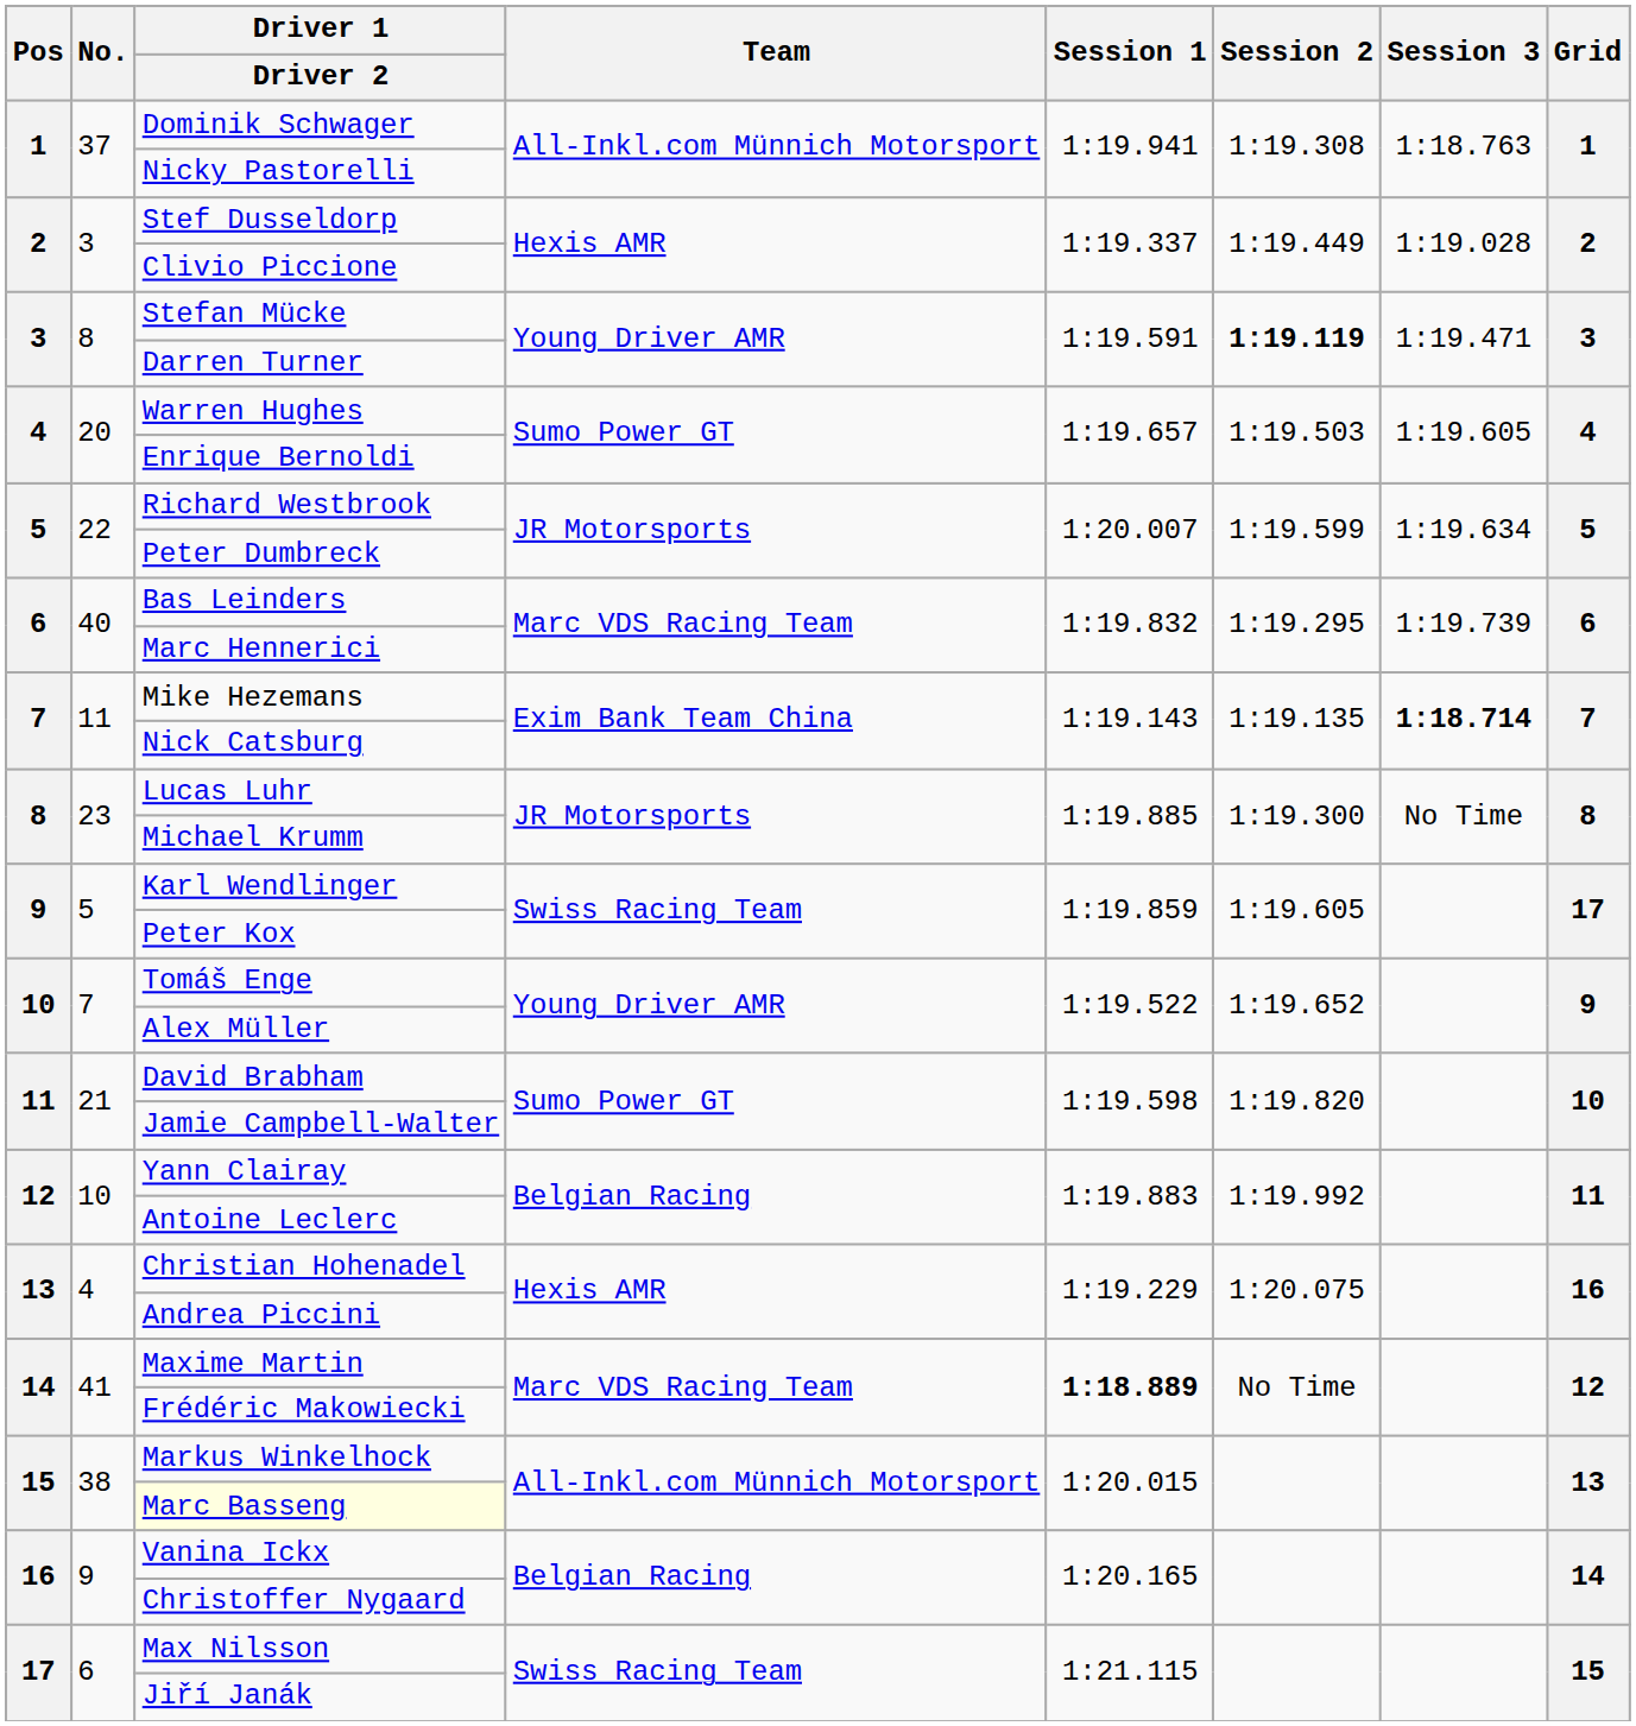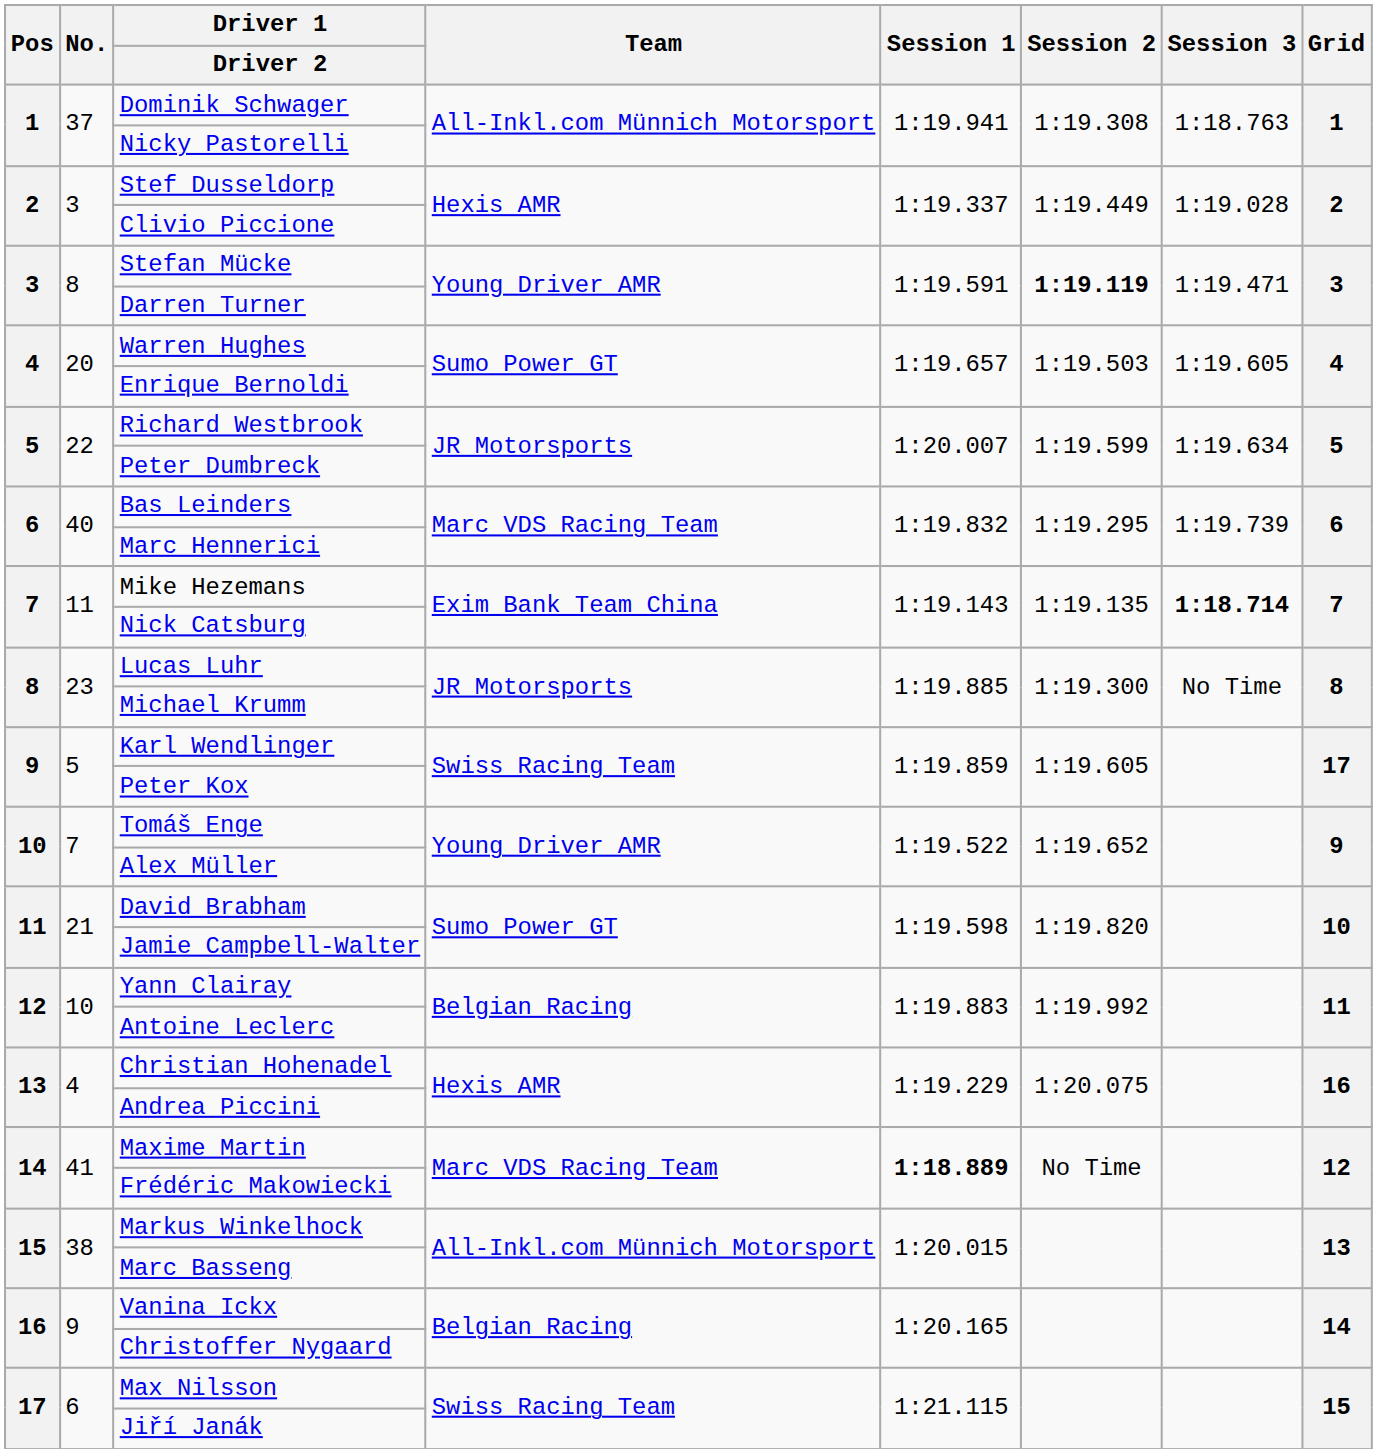 <table class="wikitable" style="font-size: 90%;">
 <tr>
 <th rowspan=2>Pos</th>
 <th rowspan=2>No.</th>
 <th>Driver 1</th>
 <th rowspan=2>Team</th>
 <th rowspan=2>Session 1</th>
 <th rowspan=2>Session 2</th>
 <th rowspan=2>Session 3</th>
 <th rowspan=2>Grid</th>
 </tr>
 <tr>
 <th>Driver 2</th>
 </tr>
 <tr>
 <th rowspan=2>1</th>
 <td rowspan=2>37</td>
 <td> <a href='#'>Dominik Schwager</a></td>
 <td rowspan=2> <a href='#'>All-Inkl.com Münnich Motorsport</a></td>
 <td rowspan=2 align="center">1:19.941</td>
 <td rowspan=2 align="center">1:19.308</td>
 <td rowspan=2 align="center">1:18.763</td>
 <th rowspan=2>1</th>
 </tr>
 <tr>
 <td> <a href='#'>Nicky Pastorelli</a></td>
 </tr>
 <tr>
 <th rowspan=2>2</th>
 <td rowspan=2>3</td>
 <td> <a href='#'>Stef Dusseldorp</a></td>
 <td rowspan=2> <a href='#'>Hexis AMR</a></td>
 <td rowspan=2 align="center">1:19.337</td>
 <td rowspan=2 align="center">1:19.449</td>
 <td rowspan=2 align="center">1:19.028</td>
 <th rowspan=2>2</th>
 </tr>
 <tr>
 <td> <a href='#'>Clivio Piccione</a></td>
 </tr>
 <tr>
 <th rowspan=2>3</th>
 <td rowspan=2>8</td>
 <td> <a href='#'>Stefan Mücke</a></td>
 <td rowspan=2> <a href='#'>Young Driver AMR</a></td>
 <td rowspan=2 align="center">1:19.591</td>
 <td rowspan=2 align="center"><strong>1:19.119</strong></td>
 <td rowspan=2 align="center">1:19.471</td>
 <th rowspan=2>3</th>
 </tr>
 <tr>
 <td> <a href='#'>Darren Turner</a></td>
 </tr>
 <tr>
 <th rowspan=2>4</th>
 <td rowspan=2>20</td>
 <td> <a href='#'>Warren Hughes</a></td>
 <td rowspan=2> <a href='#'>Sumo Power GT</a></td>
 <td rowspan=2 align="center">1:19.657</td>
 <td rowspan=2 align="center">1:19.503</td>
 <td rowspan=2 align="center">1:19.605</td>
 <th rowspan=2>4</th>
 </tr>
 <tr>
 <td> <a href='#'>Enrique Bernoldi</a></td>
 </tr>
 <tr>
 <th rowspan=2>5</th>
 <td rowspan=2>22</td>
 <td> <a href='#'>Richard Westbrook</a></td>
 <td rowspan=2> <a href='#'>JR Motorsports</a></td>
 <td rowspan=2 align="center">1:20.007</td>
 <td rowspan=2 align="center">1:19.599</td>
 <td rowspan=2 align="center">1:19.634</td>
 <th rowspan=2>5</th>
 </tr>
 <tr>
 <td> <a href='#'>Peter Dumbreck</a></td>
 </tr>
 <tr>
 <th rowspan=2>6</th>
 <td rowspan=2>40</td>
 <td> <a href='#'>Bas Leinders</a></td>
 <td rowspan=2> <a href='#'>Marc VDS Racing Team</a></td>
 <td rowspan=2 align="center">1:19.832</td>
 <td rowspan=2 align="center">1:19.295</td>
 <td rowspan=2 align="center">1:19.739</td>
 <th rowspan=2>6</th>
 </tr>
 <tr>
 <td> <a href='#'>Marc Hennerici</a></td>
 </tr>
 <tr>
 <th rowspan=2>7</th>
 <td rowspan=2>11</td>
 <td> Mike Hezemans</td>
 <td rowspan=2> <a href='#'>Exim Bank Team China</a></td>
 <td rowspan=2 align="center">1:19.143</td>
 <td rowspan=2 align="center">1:19.135</td>
 <td rowspan=2 align="center"><strong>1:18.714</strong></td>
 <th rowspan=2>7</th>
 </tr>
 <tr>
 <td> <a href='#'>Nick Catsburg</a></td>
 </tr>
 <tr>
 <th rowspan=2>8</th>
 <td rowspan=2>23</td>
 <td> <a href='#'>Lucas Luhr</a></td>
 <td rowspan=2> <a href='#'>JR Motorsports</a></td>
 <td rowspan=2 align="center">1:19.885</td>
 <td rowspan=2 align="center">1:19.300</td>
 <td rowspan=2 align="center">No Time</td>
 <th rowspan=2>8</th>
 </tr>
 <tr>
 <td> <a href='#'>Michael Krumm</a></td>
 </tr>
 <tr>
 <th rowspan=2>9</th>
 <td rowspan=2>5</td>
 <td> <a href='#'>Karl Wendlinger</a></td>
 <td rowspan=2> <a href='#'>Swiss Racing Team</a></td>
 <td rowspan=2 align="center">1:19.859</td>
 <td rowspan=2 align="center">1:19.605</td>
 <td rowspan=2 align="center"></td>
 <th rowspan=2>17</th>
 </tr>
 <tr>
 <td> <a href='#'>Peter Kox</a></td>
 </tr>
 <tr>
 <th rowspan=2>10</th>
 <td rowspan=2>7</td>
 <td> <a href='#'>Tomáš Enge</a></td>
 <td rowspan=2> <a href='#'>Young Driver AMR</a></td>
 <td rowspan=2 align="center">1:19.522</td>
 <td rowspan=2 align="center">1:19.652</td>
 <td rowspan=2 align="center"></td>
 <th rowspan=2>9</th>
 </tr>
 <tr>
 <td> <a href='#'>Alex Müller</a></td>
 </tr>
 <tr>
 <th rowspan=2>11</th>
 <td rowspan=2>21</td>
 <td> <a href='#'>David Brabham</a></td>
 <td rowspan=2> <a href='#'>Sumo Power GT</a></td>
 <td rowspan=2 align="center">1:19.598</td>
 <td rowspan=2 align="center">1:19.820</td>
 <td rowspan=2 align="center"></td>
 <th rowspan=2>10</th>
 </tr>
 <tr>
 <td> <a href='#'>Jamie Campbell-Walter</a></td>
 </tr>
 <tr>
 <th rowspan=2>12</th>
 <td rowspan=2>10</td>
 <td> <a href='#'>Yann Clairay</a></td>
 <td rowspan=2> <a href='#'>Belgian Racing</a></td>
 <td rowspan=2 align="center">1:19.883</td>
 <td rowspan=2 align="center">1:19.992</td>
 <td rowspan=2 align="center"></td>
 <th rowspan=2>11</th>
 </tr>
 <tr>
 <td> <a href='#'>Antoine Leclerc</a></td>
 </tr>
 <tr>
 <th rowspan=2>13</th>
 <td rowspan=2>4</td>
 <td> <a href='#'>Christian Hohenadel</a></td>
 <td rowspan=2> <a href='#'>Hexis AMR</a></td>
 <td rowspan=2 align="center">1:19.229</td>
 <td rowspan=2 align="center">1:20.075</td>
 <td rowspan=2 align="center"></td>
 <th rowspan=2>16</th>
 </tr>
 <tr>
 <td> <a href='#'>Andrea Piccini</a></td>
 </tr>
 <tr>
 <th rowspan=2>14</th>
 <td rowspan=2>41</td>
 <td> <a href='#'>Maxime Martin</a></td>
 <td rowspan=2> <a href='#'>Marc VDS Racing Team</a></td>
 <td rowspan=2 align="center"><strong>1:18.889</strong></td>
 <td rowspan=2 align="center">No Time</td>
 <td rowspan=2 align="center"></td>
 <th rowspan=2>12</th>
 </tr>
 <tr>
 <td> <a href='#'>Frédéric Makowiecki</a></td>
 </tr>
 <tr>
 <th rowspan=2>15</th>
 <td rowspan=2>38</td>
 <td> <a href='#'>Markus Winkelhock</a></td>
 <td rowspan=2> <a href='#'>All-Inkl.com Münnich Motorsport</a></td>
 <td rowspan=2 align="center">1:20.015</td>
 <td rowspan=2 align="center"></td>
 <td rowspan=2 align="center"></td>
 <th rowspan=2>13</th>
 </tr>
 <tr>
-<td style="background: lightyellow;"> <a href='#'>Marc Basseng</a></td>
+<td> <a href='#'>Marc Basseng</a></td>
 </tr>
 <tr>
 <th rowspan=2>16</th>
 <td rowspan=2>9</td>
 <td> <a href='#'>Vanina Ickx</a></td>
 <td rowspan=2> <a href='#'>Belgian Racing</a></td>
 <td rowspan=2 align="center">1:20.165</td>
 <td rowspan=2 align="center"></td>
 <td rowspan=2 align="center"></td>
 <th rowspan=2>14</th>
 </tr>
 <tr>
 <td> <a href='#'>Christoffer Nygaard</a></td>
 </tr>
 <tr>
 <th rowspan=2>17</th>
 <td rowspan=2>6</td>
 <td> <a href='#'>Max Nilsson</a></td>
 <td rowspan=2> <a href='#'>Swiss Racing Team</a></td>
 <td rowspan=2 align="center">1:21.115</td>
 <td rowspan=2 align="center"></td>
 <td rowspan=2 align="center"></td>
 <th rowspan=2>15</th>
 </tr>
 <tr>
 <td> <a href='#'>Jiří Janák</a></td>
 </tr>
 <tr>
 </tr>
 </table>
